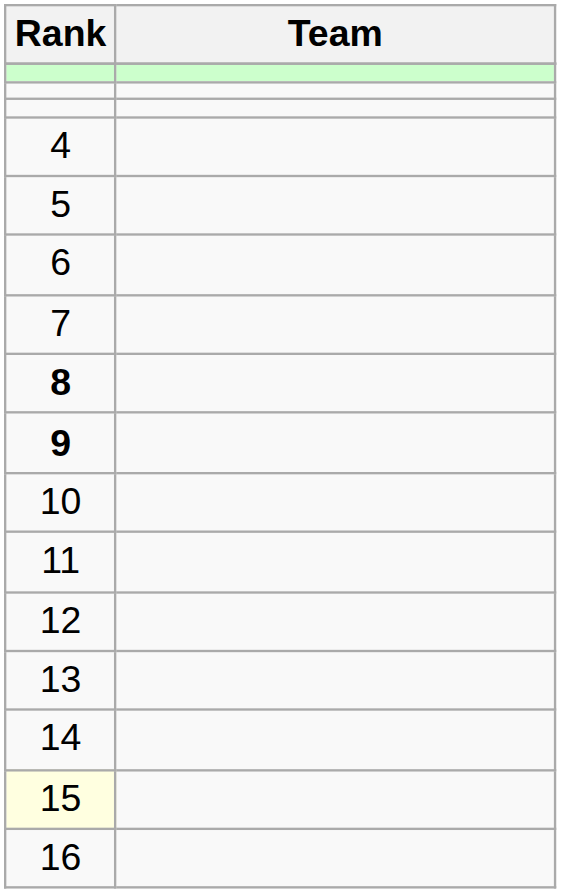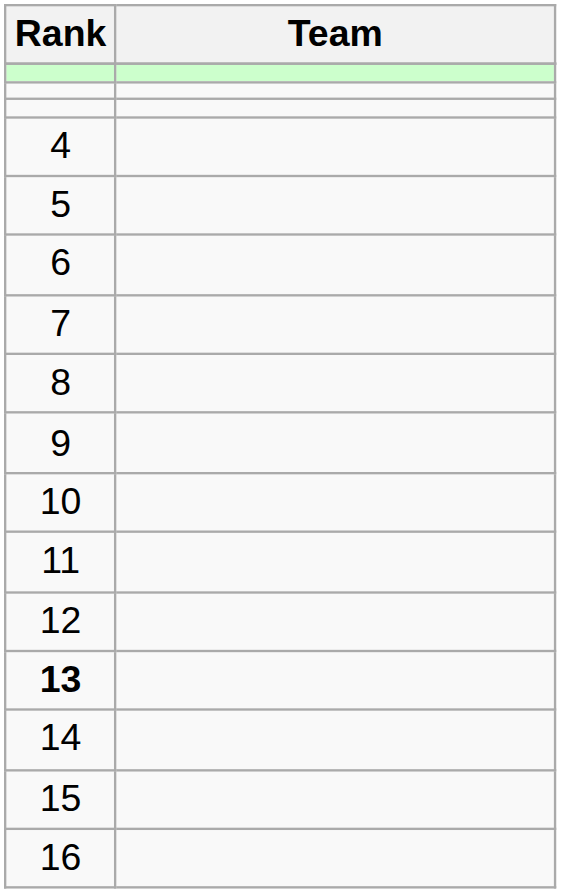 <table class="wikitable" style="text-align:center;">
 <tr>
 <th width=40>Rank</th>
 <th width=180>Team</th>
 </tr>
 <tr>
 </tr>
 <tr bgcolor=#ccffcc>
 <td></td>
 <td style="text-align:left;"></td>
 </tr>
 <tr>
 <td></td>
 <td style="text-align:left;"></td>
 </tr>
 <tr>
 <td></td>
 <td style="text-align:left;"></td>
 </tr>
 <tr>
 <td>4</td>
 <td style="text-align:left;"></td>
 </tr>
 <tr>
 <td>5</td>
 <td style="text-align:left;"></td>
 </tr>
 <tr>
 <td>6</td>
 <td style="text-align:left;"></td>
 </tr>
 <tr>
 <td>7</td>
 <td style="text-align:left;"></td>
 </tr>
 <tr>
-<td><strong>8</strong></td>
+<td>8</td>
 <td style="text-align:left;"></td>
 </tr>
 <tr>
-<td><strong>9</strong></td>
+<td>9</td>
 <td style="text-align:left;"></td>
 </tr>
 <tr>
 <td>10</td>
 <td style="text-align:left;"></td>
 </tr>
 <tr>
 <td>11</td>
 <td style="text-align:left;"></td>
 </tr>
 <tr>
 <td>12</td>
 <td style="text-align:left;"></td>
 </tr>
 <tr>
-<td>13</td>
+<td><strong>13</strong></td>
 <td style="text-align:left;"></td>
 </tr>
 <tr>
 <td>14</td>
 <td style="text-align:left;"></td>
 </tr>
 <tr>
-<td style="background: lightyellow;">15</td>
+<td>15</td>
 <td style="text-align:left;"></td>
 </tr>
 <tr>
 <td>16</td>
 <td style="text-align:left;"></td>
 </tr>
 </table>
